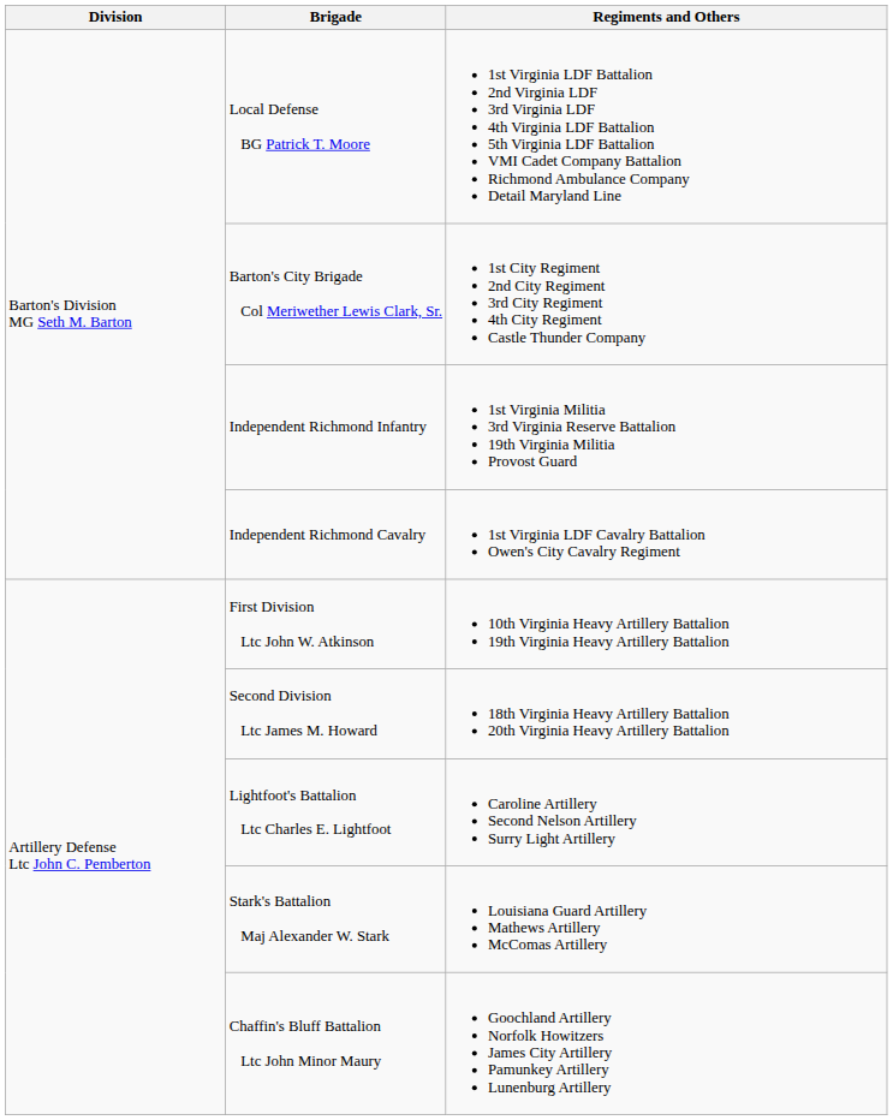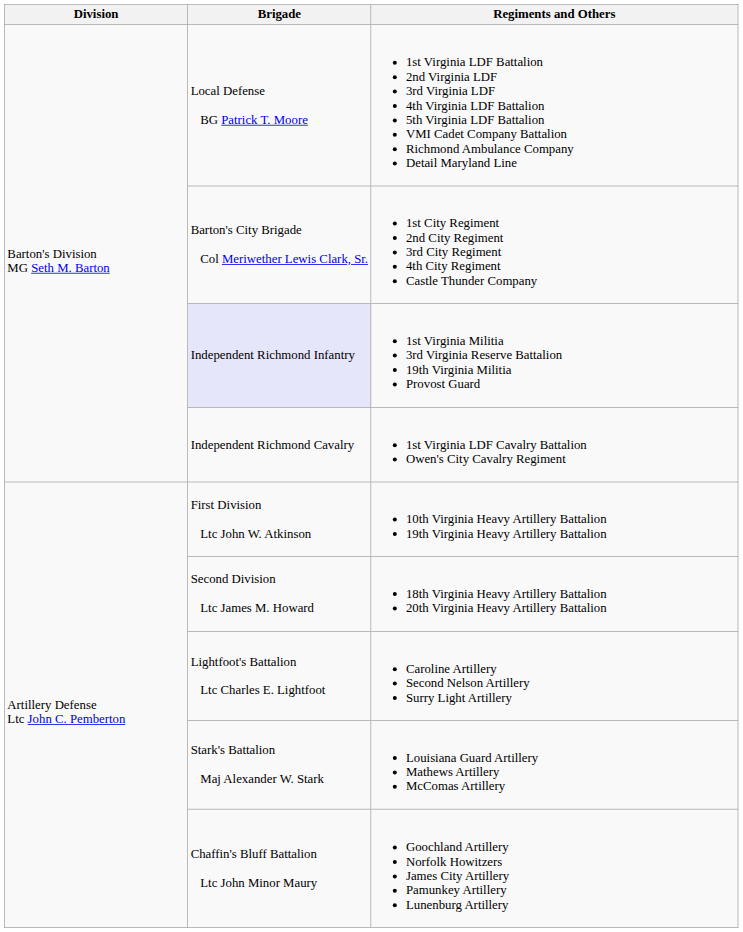 <table class="wikitable">
 <tr>
 <th style="width:25%;">Division</th>
 <th style="width:25%;">Brigade</th>
 <th>Regiments and Others</th>
 </tr>
 <tr>
 <td rowspan=4><br>Barton's Division <br> MG <a href='#'>Seth M. Barton</a></td>
 <td>Local Defense<br><br>   BG <a href='#'>Patrick T. Moore</a></td>
 <td><br><ul><li>1st Virginia LDF Battalion</li><li>2nd Virginia LDF</li><li>3rd Virginia LDF</li><li>4th Virginia LDF Battalion</li><li>5th Virginia LDF Battalion</li><li>VMI Cadet Company Battalion</li><li>Richmond Ambulance Company</li><li>Detail Maryland Line</li></ul></td>
 </tr>
 <tr>
 <td>Barton's City Brigade<br><br>   Col <a href='#'>Meriwether Lewis Clark, Sr.</a></td>
 <td><br><ul><li>1st City Regiment</li><li>2nd City Regiment</li><li>3rd City Regiment</li><li>4th City Regiment</li><li>Castle Thunder Company</li></ul></td>
 </tr>
 <tr>
-<td>Independent Richmond Infantry</td>
+<td style="background: lavender;">Independent Richmond Infantry</td>
 <td><br><ul><li>1st Virginia Militia</li><li>3rd Virginia Reserve Battalion</li><li>19th Virginia Militia</li><li>Provost Guard</li></ul></td>
 </tr>
 <tr>
 <td>Independent Richmond Cavalry</td>
 <td><br><ul><li>1st Virginia LDF Cavalry Battalion</li><li>Owen's City Cavalry Regiment</li></ul></td>
 </tr>
 <tr>
 <td rowspan=5><br>Artillery Defense <br> Ltc <a href='#'>John C. Pemberton</a></td>
 <td>First Division<br><br>   Ltc John W. Atkinson</td>
 <td><br><ul><li>10th Virginia Heavy Artillery Battalion</li><li>19th Virginia Heavy Artillery Battalion</li></ul></td>
 </tr>
 <tr>
 <td>Second Division<br><br>   Ltc James M. Howard</td>
 <td><br><ul><li>18th Virginia Heavy Artillery Battalion</li><li>20th Virginia Heavy Artillery Battalion</li></ul></td>
 </tr>
 <tr>
 <td>Lightfoot's Battalion<br><br>   Ltc Charles E. Lightfoot</td>
 <td><br><ul><li>Caroline Artillery</li><li>Second Nelson Artillery</li><li>Surry Light Artillery</li></ul></td>
 </tr>
 <tr>
 <td>Stark's Battalion<br><br>   Maj Alexander W. Stark</td>
 <td><br><ul><li>Louisiana Guard Artillery</li><li>Mathews Artillery</li><li>McComas Artillery</li></ul></td>
 </tr>
 <tr>
 <td>Chaffin's Bluff Battalion<br><br>   Ltc John Minor Maury</td>
 <td><br><ul><li>Goochland Artillery</li><li>Norfolk Howitzers</li><li>James City Artillery</li><li>Pamunkey Artillery</li><li>Lunenburg Artillery</li></ul></td>
 </tr>
 </table>
